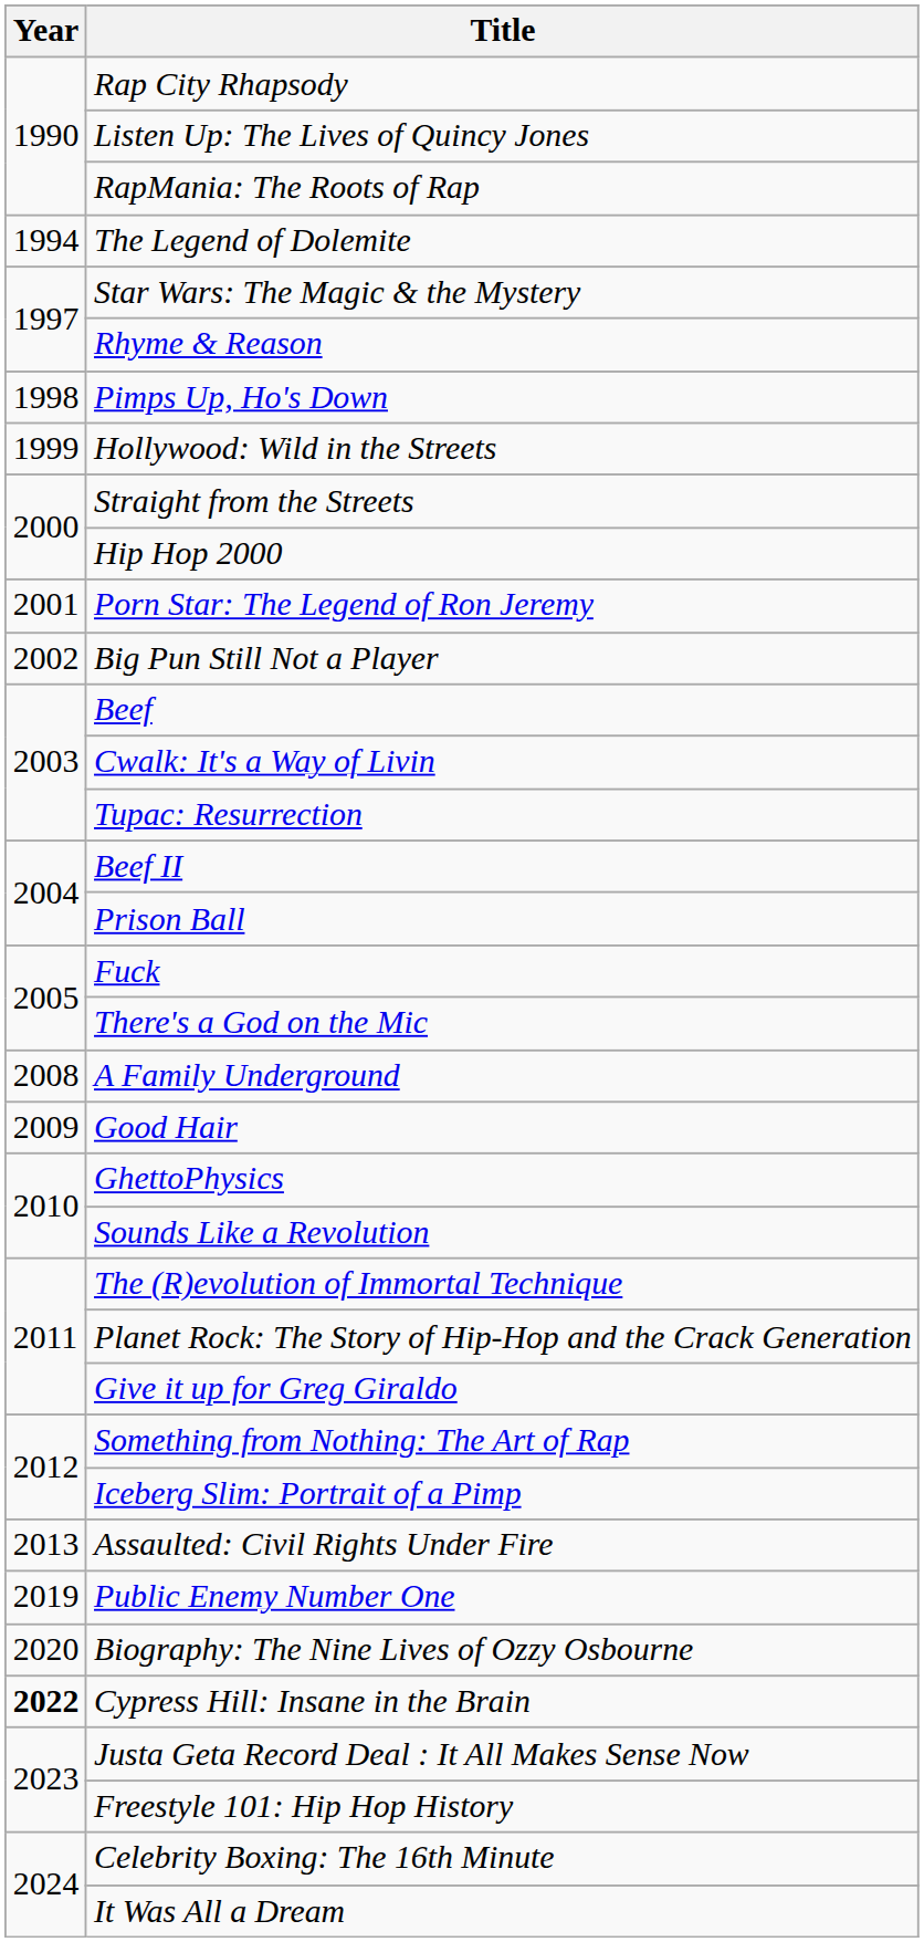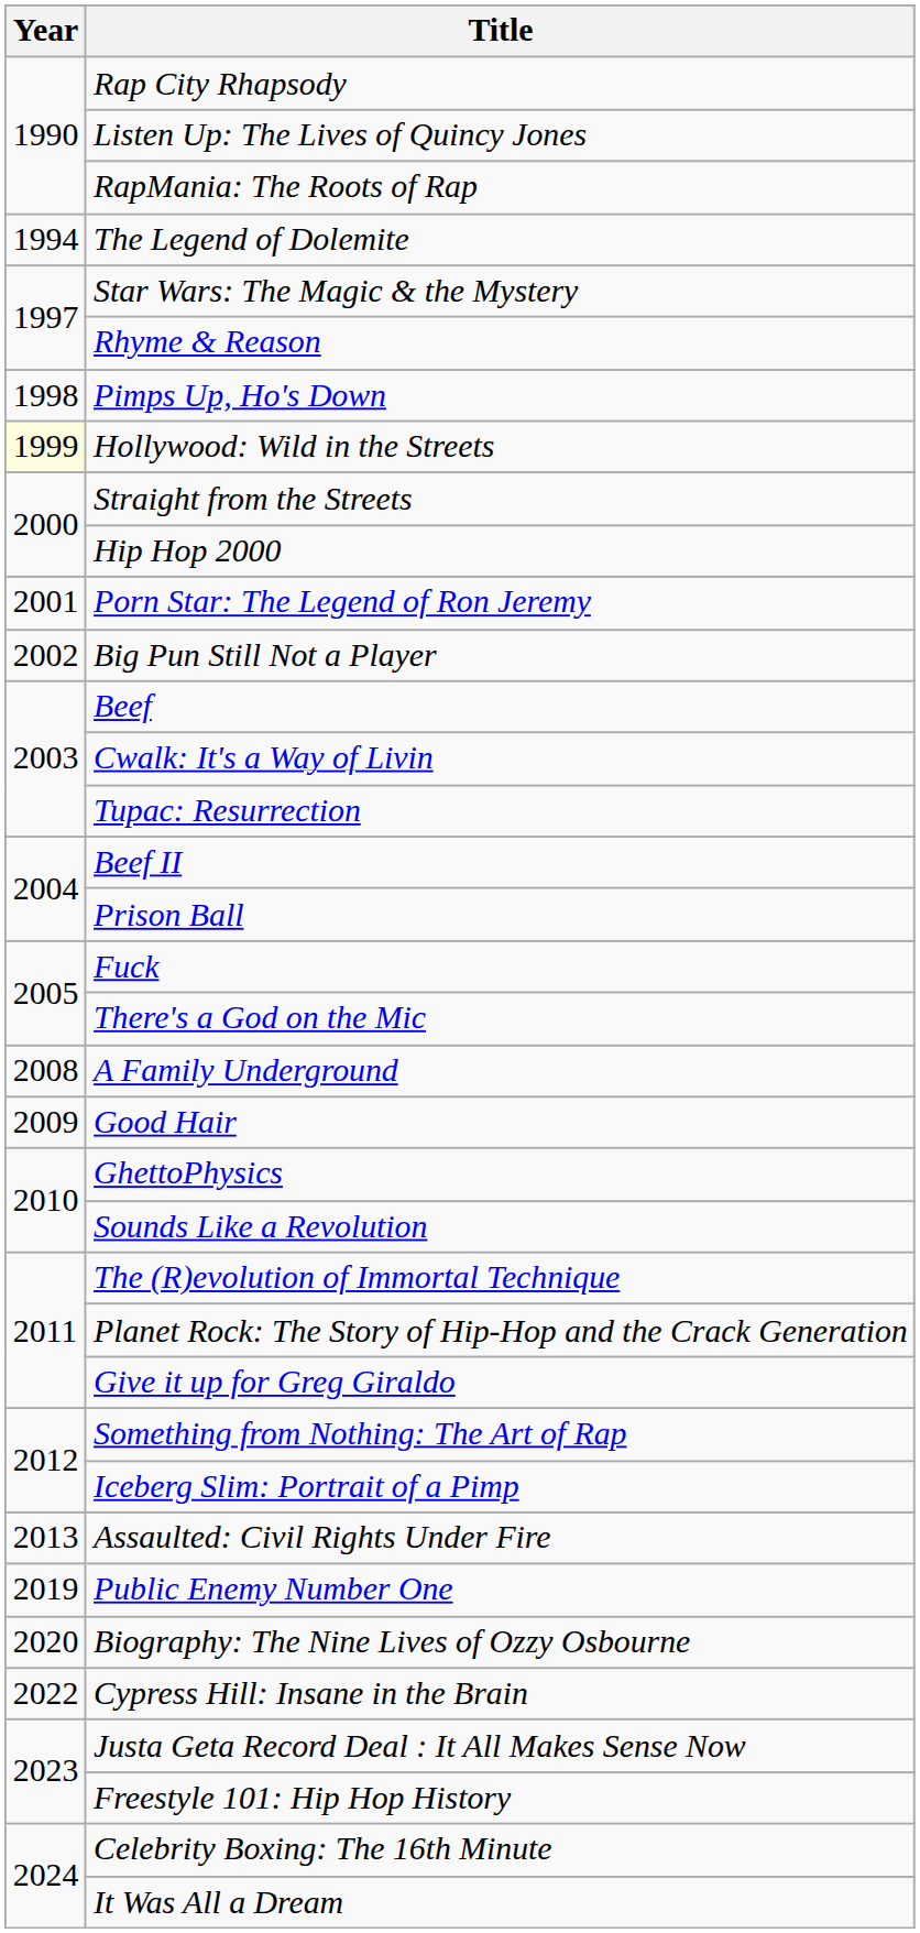 <table class="wikitable plainrowheaders sortable" style="margin-right: 0;">
 <tr>
 <th>Year</th>
 <th>Title</th>
 </tr>
 <tr>
 <td rowspan=3>1990</td>
 <td><em>Rap City Rhapsody</em></td>
 </tr>
 <tr>
 <td><em>Listen Up: The Lives of Quincy Jones</em></td>
 </tr>
 <tr>
 <td><em>RapMania: The Roots of Rap</em></td>
 </tr>
 <tr>
 <td>1994</td>
 <td><em>The Legend of Dolemite</em></td>
 </tr>
 <tr>
 <td rowspan=2>1997</td>
 <td><em>Star Wars: The Magic & the Mystery</em></td>
 </tr>
 <tr>
 <td><em><a href='#'>Rhyme & Reason</a></em></td>
 </tr>
 <tr>
 <td>1998</td>
 <td><em><a href='#'>Pimps Up, Ho's Down</a></em></td>
 </tr>
 <tr>
-<td>1999</td>
+<td style="background: lightyellow;">1999</td>
 <td><em>Hollywood: Wild in the Streets</em></td>
 </tr>
 <tr>
 <td rowspan=2>2000</td>
 <td><em>Straight from the Streets</em></td>
 </tr>
 <tr>
 <td><em>Hip Hop 2000</em></td>
 </tr>
 <tr>
 <td>2001</td>
 <td><em><a href='#'>Porn Star: The Legend of Ron Jeremy</a></em></td>
 </tr>
 <tr>
 <td>2002</td>
 <td><em>Big Pun Still Not a Player</em></td>
 </tr>
 <tr>
 <td rowspan=3>2003</td>
 <td><em><a href='#'>Beef</a></em></td>
 </tr>
 <tr>
 <td><em><a href='#'>Cwalk: It's a Way of Livin</a></em></td>
 </tr>
 <tr>
 <td><em><a href='#'>Tupac: Resurrection</a></em></td>
 </tr>
 <tr>
 <td rowspan=2>2004</td>
 <td><em><a href='#'>Beef II</a></em></td>
 </tr>
 <tr>
 <td><em><a href='#'>Prison Ball</a></em></td>
 </tr>
 <tr>
 <td rowspan=2>2005</td>
 <td><em><a href='#'>Fuck</a></em></td>
 </tr>
 <tr>
 <td><em><a href='#'>There's a God on the Mic</a></em></td>
 </tr>
 <tr>
 <td>2008</td>
 <td><em><a href='#'>A Family Underground</a></em></td>
 </tr>
 <tr>
 <td>2009</td>
 <td><em><a href='#'>Good Hair</a></em></td>
 </tr>
 <tr>
 <td rowspan=2>2010</td>
 <td><em><a href='#'>GhettoPhysics</a></em></td>
 </tr>
 <tr>
 <td><em><a href='#'>Sounds Like a Revolution</a></em></td>
 </tr>
 <tr>
 <td rowspan=3>2011</td>
 <td><em><a href='#'>The (R)evolution of Immortal Technique</a></em></td>
 </tr>
 <tr>
 <td><em>Planet Rock: The Story of Hip-Hop and the Crack Generation</em></td>
 </tr>
 <tr>
 <td><em><a href='#'>Give it up for Greg Giraldo</a></em></td>
 </tr>
 <tr>
 <td rowspan=2>2012</td>
 <td><em><a href='#'>Something from Nothing: The Art of Rap</a></em></td>
 </tr>
 <tr>
 <td><em><a href='#'>Iceberg Slim: Portrait of a Pimp</a></em></td>
 </tr>
 <tr>
 <td>2013</td>
 <td><em>Assaulted: Civil Rights Under Fire</em></td>
 </tr>
 <tr>
 <td>2019</td>
 <td><em><a href='#'>Public Enemy Number One</a></em></td>
 </tr>
 <tr>
 <td>2020</td>
 <td><em>Biography: The Nine Lives of Ozzy Osbourne</em></td>
 </tr>
 <tr>
-<td><strong>2022</strong></td>
+<td>2022</td>
 <td><em>Cypress Hill: Insane in the Brain</em></td>
 </tr>
 <tr>
 <td rowspan=2>2023</td>
 <td><em>Justa Geta Record Deal : It All Makes Sense Now</em></td>
 </tr>
 <tr>
 <td><em>Freestyle 101: Hip Hop History</em></td>
 </tr>
 <tr>
 <td rowspan=2>2024</td>
 <td><em>Celebrity Boxing: The 16th Minute</em></td>
 </tr>
 <tr>
 <td><em>It Was All a Dream</em></td>
 </tr>
 </table>
